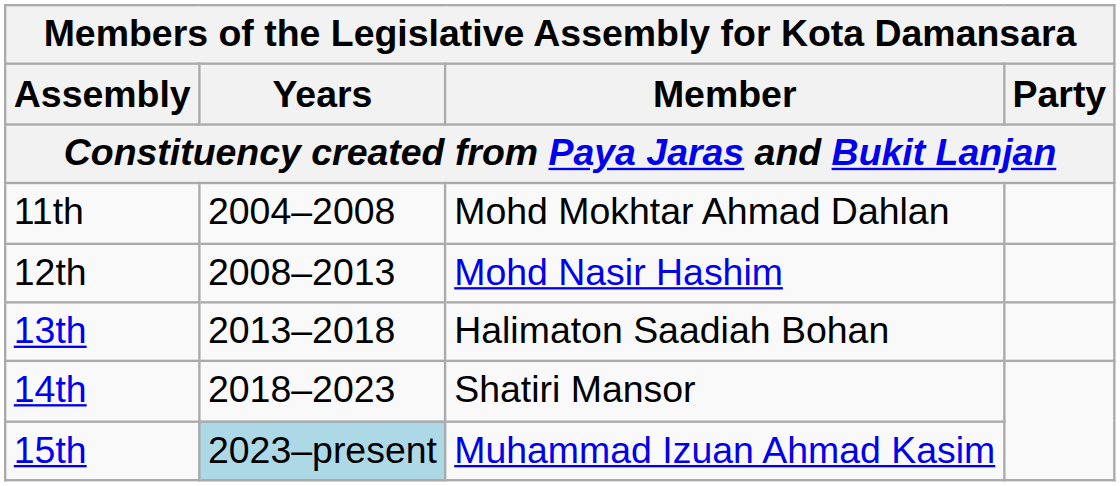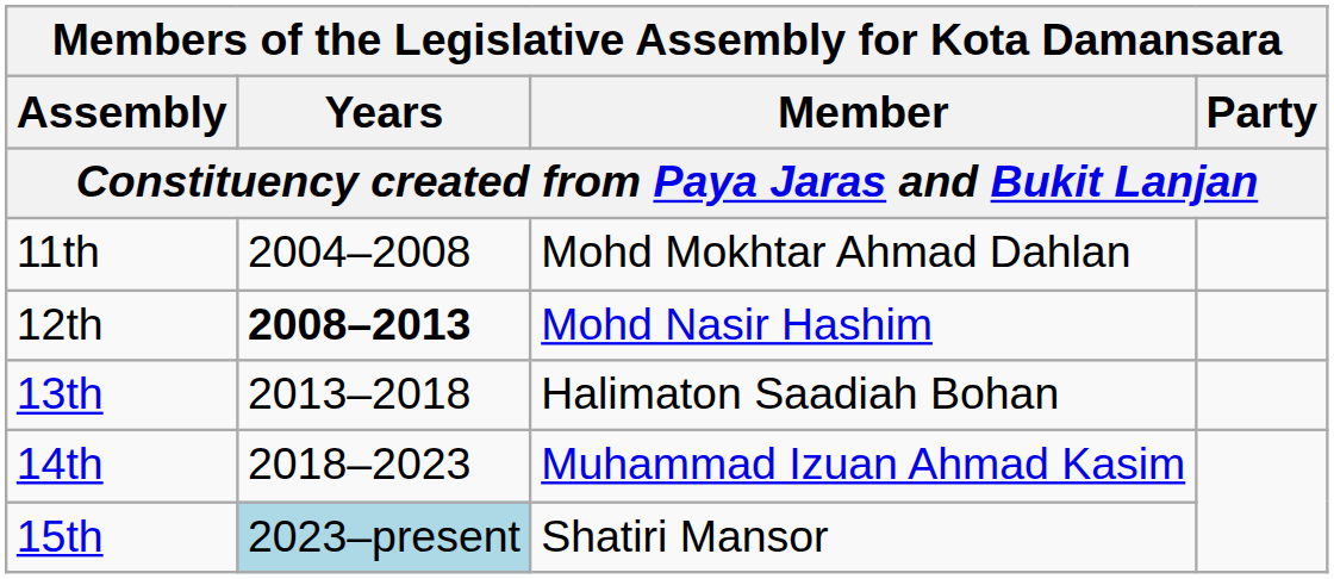 <table class=wikitable>
 <tr>
 <th colspan=4>Members of the Legislative Assembly for Kota Damansara</th>
 </tr>
 <tr>
 <th>Assembly</th>
 <th>Years</th>
 <th>Member</th>
 <th>Party</th>
 </tr>
 <tr>
 <th colspan=4 align=center><em>Constituency created from <a href='#'>Paya Jaras</a> and <a href='#'>Bukit Lanjan</a></em></th>
 </tr>
 <tr>
 <td>11th</td>
 <td>2004–2008</td>
 <td>Mohd Mokhtar Ahmad Dahlan</td>
 <td></td>
 </tr>
 <tr>
 <td>12th</td>
-<td>2008–2013</td>
+<td><strong>2008–2013</strong></td>
 <td><a href='#'>Mohd Nasir Hashim</a></td>
 <td></td>
 </tr>
 <tr>
 <td><a href='#'>13th</a></td>
 <td>2013–2018</td>
 <td>Halimaton Saadiah Bohan</td>
 <td></td>
 </tr>
 <tr>
 <td><a href='#'>14th</a></td>
 <td>2018–2023</td>
-<td>Shatiri Mansor</td>
+<td><a href='#'>Muhammad Izuan Ahmad Kasim</a></td>
 <td rowspan="2"></td>
 </tr>
 <tr>
 <td><a href='#'>15th</a></td>
 <td style="background: lightblue;">2023–present</td>
-<td><a href='#'>Muhammad Izuan Ahmad Kasim</a></td>
+<td>Shatiri Mansor</td>
 </tr>
 </table>
